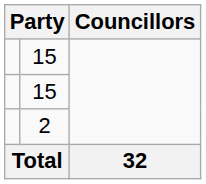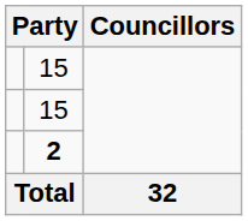 <table class="wikitable">
 <tr>
 <th colspan=2>Party</th>
 <th>Councillors</th>
 </tr>
 <tr>
 <td></td>
 <td align=center>15</td>
 </tr>
 <tr>
 <td></td>
 <td align=center>15</td>
 </tr>
 <tr>
 <td></td>
-<td align=center>2</td>
+<td align=center><strong>2</strong></td>
 </tr>
 <tr>
 <th colspan=2>Total</th>
 <th align=center>32</th>
 </tr>
 </table>
